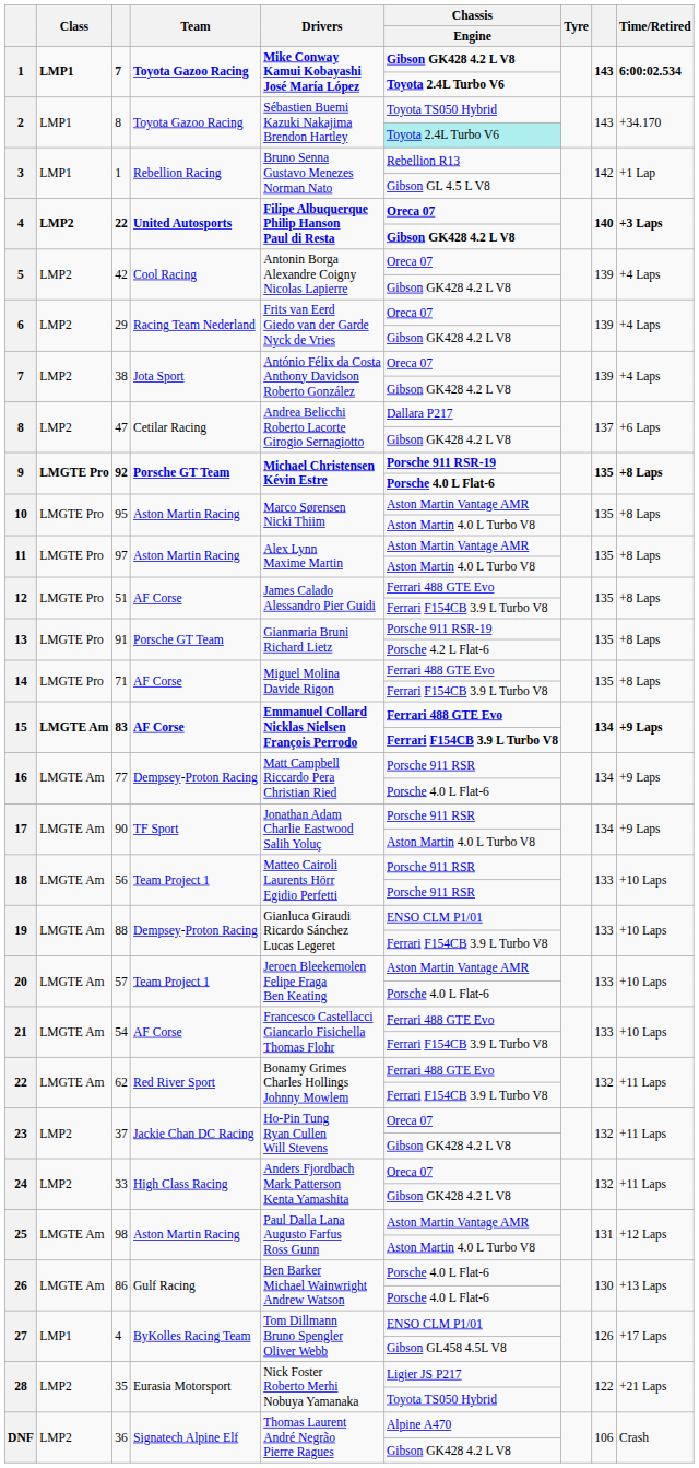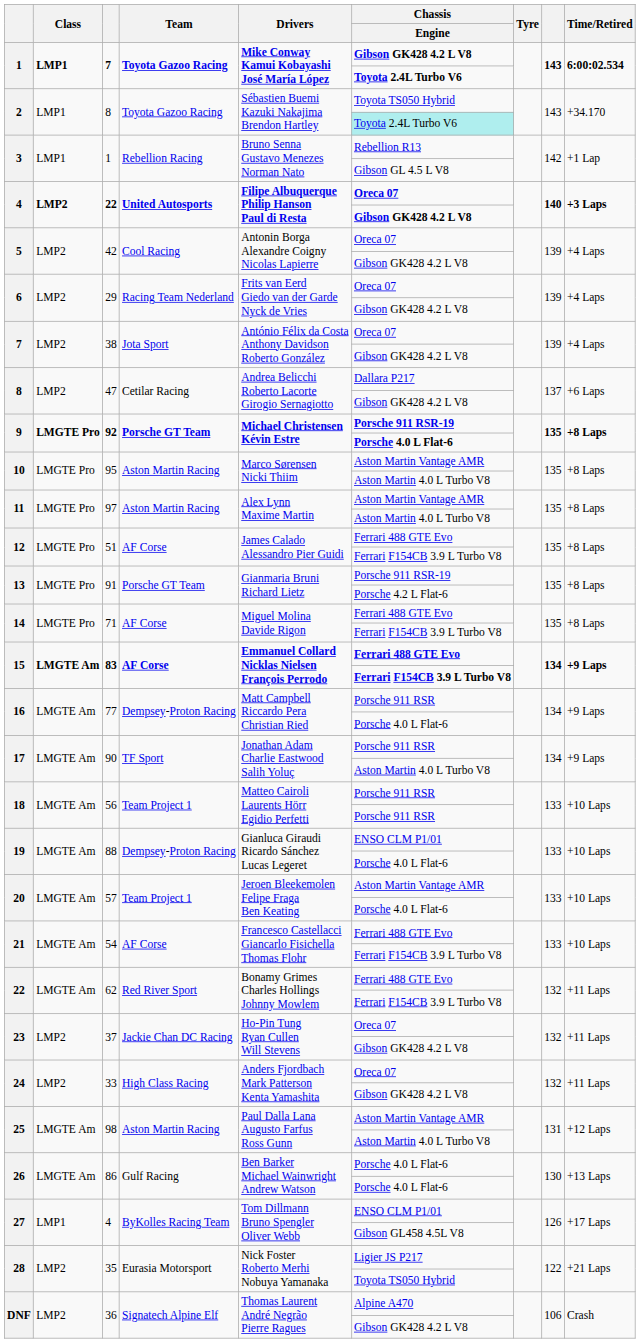 <table class="wikitable" style="font-size:95%;">
 <tr>
 <th rowspan=2></th>
 <th rowspan=2>Class</th>
 <th rowspan=2></th>
 <th rowspan=2>Team</th>
 <th rowspan=2>Drivers</th>
 <th>Chassis</th>
 <th rowspan=2>Tyre</th>
 <th rowspan=2></th>
 <th rowspan=2>Time/Retired</th>
 </tr>
 <tr>
 <th>Engine</th>
 </tr>
 <tr style="font-weight:bold;">
 <th rowspan=2>1</th>
 <td rowspan=2>LMP1</td>
 <td rowspan=2>7</td>
 <td rowspan=2> <a href='#'>Toyota Gazoo Racing</a></td>
 <td rowspan=2> <a href='#'>Mike Conway</a><br> <a href='#'>Kamui Kobayashi</a><br> <a href='#'>José María López</a></td>
 <td><a href='#'>Gibson</a> GK428 4.2 L V8</td>
 <td rowspan=2></td>
 <td rowspan=2>143</td>
 <td rowspan=2>6:00:02.534 </td>
 </tr>
 <tr style="font-weight:bold;">
 <td><a href='#'>Toyota</a> 2.4L Turbo V6</td>
 </tr>
 <tr>
 <th rowspan=2>2</th>
 <td rowspan=2>LMP1</td>
 <td rowspan=2>8</td>
 <td rowspan=2> <a href='#'>Toyota Gazoo Racing</a></td>
 <td rowspan=2> <a href='#'>Sébastien Buemi</a><br> <a href='#'>Kazuki Nakajima</a><br> <a href='#'>Brendon Hartley</a></td>
 <td><a href='#'>Toyota TS050 Hybrid</a></td>
 <td rowspan=2></td>
 <td rowspan=2>143</td>
 <td rowspan=2>+34.170</td>
 </tr>
 <tr>
 <td style="background: paleturquoise;"><a href='#'>Toyota</a> 2.4L Turbo V6</td>
 </tr>
 <tr>
 <th rowspan=2>3</th>
 <td rowspan=2>LMP1</td>
 <td rowspan=2>1</td>
 <td rowspan=2> <a href='#'>Rebellion Racing</a></td>
 <td rowspan=2> <a href='#'>Bruno Senna</a><br> <a href='#'>Gustavo Menezes</a><br> <a href='#'>Norman Nato</a></td>
 <td><a href='#'>Rebellion R13</a></td>
 <td rowspan=2></td>
 <td rowspan=2>142</td>
 <td rowspan=2>+1 Lap</td>
 </tr>
 <tr>
 <td><a href='#'>Gibson</a> GL 4.5 L V8</td>
 </tr>
 <tr style="font-weight:bold">
 <th rowspan=2>4</th>
 <td rowspan=2>LMP2</td>
 <td rowspan=2>22</td>
 <td rowspan=2> <a href='#'>United Autosports</a></td>
 <td rowspan=2> <a href='#'>Filipe Albuquerque</a><br> <a href='#'>Philip Hanson</a><br> <a href='#'>Paul di Resta</a></td>
 <td><a href='#'>Oreca 07</a></td>
 <td rowspan=2></td>
 <td rowspan=2>140</td>
 <td rowspan=2>+3 Laps</td>
 </tr>
 <tr style="font-weight:bold">
 <td><a href='#'>Gibson</a> GK428 4.2 L V8</td>
 </tr>
 <tr>
 <th rowspan=2>5</th>
 <td rowspan=2>LMP2</td>
 <td rowspan=2>42</td>
 <td rowspan=2> <a href='#'>Cool Racing</a></td>
 <td rowspan=2> Antonin Borga<br> Alexandre Coigny<br> <a href='#'>Nicolas Lapierre</a></td>
 <td><a href='#'>Oreca 07</a></td>
 <td rowspan=2></td>
 <td rowspan=2>139</td>
 <td rowspan=2>+4 Laps</td>
 </tr>
 <tr>
 <td><a href='#'>Gibson</a> GK428 4.2 L V8</td>
 </tr>
 <tr>
 <th rowspan=2>6</th>
 <td rowspan=2>LMP2</td>
 <td rowspan=2>29</td>
 <td rowspan=2> <a href='#'>Racing Team Nederland</a></td>
 <td rowspan=2> <a href='#'>Frits van Eerd</a> <br> <a href='#'>Giedo van der Garde</a><br> <a href='#'>Nyck de Vries</a></td>
 <td><a href='#'>Oreca 07</a></td>
 <td rowspan=2></td>
 <td rowspan=2>139</td>
 <td rowspan=2>+4 Laps</td>
 </tr>
 <tr>
 <td><a href='#'>Gibson</a> GK428 4.2 L V8</td>
 </tr>
 <tr>
 <th rowspan=2>7</th>
 <td rowspan=2>LMP2</td>
 <td rowspan=2>38</td>
 <td rowspan=2> <a href='#'>Jota Sport</a></td>
 <td rowspan=2> <a href='#'>António Félix da Costa</a><br> <a href='#'>Anthony Davidson</a><br> <a href='#'>Roberto González</a></td>
 <td><a href='#'>Oreca 07</a></td>
 <td rowspan=2></td>
 <td rowspan=2>139</td>
 <td rowspan=2>+4 Laps</td>
 </tr>
 <tr>
 <td><a href='#'>Gibson</a> GK428 4.2 L V8</td>
 </tr>
 <tr>
 <th rowspan=2>8</th>
 <td rowspan=2>LMP2</td>
 <td rowspan=2>47</td>
 <td rowspan=2> Cetilar Racing</td>
 <td rowspan=2> <a href='#'>Andrea Belicchi</a><br> <a href='#'>Roberto Lacorte</a><br> <a href='#'>Girogio Sernagiotto</a></td>
 <td><a href='#'>Dallara P217</a></td>
 <td rowspan=2></td>
 <td rowspan=2>137</td>
 <td rowspan=2>+6 Laps</td>
 </tr>
 <tr>
 <td><a href='#'>Gibson</a> GK428 4.2 L V8</td>
 </tr>
 <tr style="font-weight:bold">
 <th rowspan="2">9</th>
 <td rowspan="2">LMGTE Pro</td>
 <td rowspan="2">92</td>
 <td rowspan="2"> <a href='#'>Porsche GT Team</a></td>
 <td rowspan="2"> <a href='#'>Michael Christensen</a><br> <a href='#'>Kévin Estre</a></td>
 <td><a href='#'>Porsche 911 RSR-19</a></td>
 <td rowspan="2"></td>
 <td rowspan="2">135</td>
 <td rowspan="2">+8 Laps </td>
 </tr>
 <tr style="font-weight:bold">
 <td><a href='#'>Porsche</a> 4.0 L Flat-6</td>
 </tr>
 <tr>
 <th rowspan=2>10</th>
 <td rowspan=2>LMGTE Pro</td>
 <td rowspan=2>95</td>
 <td rowspan=2> <a href='#'>Aston Martin Racing</a></td>
 <td rowspan=2> <a href='#'>Marco Sørensen</a><br> <a href='#'>Nicki Thiim</a></td>
 <td><a href='#'>Aston Martin Vantage AMR</a></td>
 <td rowspan=2></td>
 <td rowspan=2>135</td>
 <td rowspan=2>+8 Laps</td>
 </tr>
 <tr>
 <td><a href='#'>Aston Martin</a> 4.0 L Turbo V8</td>
 </tr>
 <tr>
 <th rowspan=2>11</th>
 <td rowspan=2>LMGTE Pro</td>
 <td rowspan=2>97</td>
 <td rowspan=2> <a href='#'>Aston Martin Racing</a></td>
 <td rowspan=2> <a href='#'>Alex Lynn</a><br> <a href='#'>Maxime Martin</a></td>
 <td><a href='#'>Aston Martin Vantage AMR</a></td>
 <td rowspan=2></td>
 <td rowspan=2>135</td>
 <td rowspan=2>+8 Laps</td>
 </tr>
 <tr>
 <td><a href='#'>Aston Martin</a> 4.0 L Turbo V8</td>
 </tr>
 <tr>
 <th rowspan=2>12</th>
 <td rowspan=2>LMGTE Pro</td>
 <td rowspan=2>51</td>
 <td rowspan=2> <a href='#'>AF Corse</a></td>
 <td rowspan=2> <a href='#'>James Calado</a><br> <a href='#'>Alessandro Pier Guidi</a></td>
 <td><a href='#'>Ferrari 488 GTE Evo</a></td>
 <td rowspan=2></td>
 <td rowspan=2>135</td>
 <td rowspan=2>+8 Laps</td>
 </tr>
 <tr>
 <td><a href='#'>Ferrari</a> <a href='#'>F154CB</a> 3.9 L Turbo V8</td>
 </tr>
 <tr>
 <th rowspan=2>13</th>
 <td rowspan=2>LMGTE Pro</td>
 <td rowspan=2>91</td>
 <td rowspan=2> <a href='#'>Porsche GT Team</a></td>
 <td rowspan=2> <a href='#'>Gianmaria Bruni</a><br> <a href='#'>Richard Lietz</a></td>
 <td><a href='#'>Porsche 911 RSR-19</a></td>
 <td rowspan=2></td>
 <td rowspan=2>135</td>
 <td rowspan=2>+8 Laps</td>
 </tr>
 <tr>
 <td><a href='#'>Porsche</a> 4.2 L Flat-6</td>
 </tr>
 <tr>
 <th rowspan=2>14</th>
 <td rowspan=2>LMGTE Pro</td>
 <td rowspan=2>71</td>
 <td rowspan=2> <a href='#'>AF Corse</a></td>
 <td rowspan=2> <a href='#'>Miguel Molina</a><br> <a href='#'>Davide Rigon</a></td>
 <td><a href='#'>Ferrari 488 GTE Evo</a></td>
 <td rowspan=2></td>
 <td rowspan=2>135</td>
 <td rowspan=2>+8 Laps</td>
 </tr>
 <tr>
 <td><a href='#'>Ferrari</a> <a href='#'>F154CB</a> 3.9 L Turbo V8</td>
 </tr>
 <tr style="font-weight:bold">
 <th rowspan=2>15</th>
 <td rowspan=2>LMGTE Am</td>
 <td rowspan=2>83</td>
 <td rowspan=2> <a href='#'>AF Corse</a></td>
 <td rowspan=2> <a href='#'>Emmanuel Collard</a><br> <a href='#'>Nicklas Nielsen</a><br> <a href='#'>François Perrodo</a></td>
 <td><a href='#'>Ferrari 488 GTE Evo</a></td>
 <td rowspan=2></td>
 <td rowspan=2>134</td>
 <td rowspan=2>+9 Laps </td>
 </tr>
 <tr style="font-weight:bold">
 <td><a href='#'>Ferrari</a> <a href='#'>F154CB</a> 3.9 L Turbo V8</td>
 </tr>
 <tr>
 <th rowspan=2>16</th>
 <td rowspan=2>LMGTE Am</td>
 <td rowspan=2>77</td>
 <td rowspan=2> <a href='#'>Dempsey</a>-<a href='#'>Proton Racing</a></td>
 <td rowspan=2> <a href='#'>Matt Campbell</a><br> <a href='#'>Riccardo Pera</a><br> <a href='#'>Christian Ried</a></td>
 <td><a href='#'>Porsche 911 RSR</a></td>
 <td rowspan=2></td>
 <td rowspan=2>134</td>
 <td rowspan=2>+9 Laps</td>
 </tr>
 <tr>
 <td><a href='#'>Porsche</a> 4.0 L Flat-6</td>
 </tr>
 <tr>
 <th rowspan=2>17</th>
 <td rowspan=2>LMGTE Am</td>
 <td rowspan=2>90</td>
 <td rowspan=2> <a href='#'>TF Sport</a></td>
 <td rowspan=2> <a href='#'>Jonathan Adam</a><br> <a href='#'>Charlie Eastwood</a><br> <a href='#'>Salih Yoluç</a></td>
 <td><a href='#'>Porsche 911 RSR</a></td>
 <td rowspan=2></td>
 <td rowspan=2>134</td>
 <td rowspan=2>+9 Laps</td>
 </tr>
 <tr>
 <td><a href='#'>Aston Martin</a> 4.0 L Turbo V8</td>
 </tr>
 <tr>
 <th rowspan=2>18</th>
 <td rowspan=2>LMGTE Am</td>
 <td rowspan=2>56</td>
 <td rowspan=2> <a href='#'>Team Project 1</a></td>
 <td rowspan=2> <a href='#'>Matteo Cairoli</a><br> <a href='#'>Laurents Hörr</a><br> <a href='#'>Egidio Perfetti</a></td>
 <td><a href='#'>Porsche 911 RSR</a></td>
 <td rowspan=2></td>
 <td rowspan=2>133</td>
 <td rowspan=2>+10 Laps</td>
 </tr>
 <tr>
 <td><a href='#'>Porsche 911 RSR</a></td>
 </tr>
 <tr>
 <th rowspan=2>19</th>
 <td rowspan=2>LMGTE Am</td>
 <td rowspan=2>88</td>
 <td rowspan=2> <a href='#'>Dempsey</a>-<a href='#'>Proton Racing</a></td>
 <td rowspan=2> Gianluca Giraudi<br> Ricardo Sánchez<br> Lucas Legeret</td>
 <td><a href='#'>ENSO CLM P1/01</a></td>
 <td rowspan=2></td>
 <td rowspan=2>133</td>
 <td rowspan=2>+10 Laps</td>
 </tr>
 <tr>
-<td><a href='#'>Ferrari</a> <a href='#'>F154CB</a> 3.9 L Turbo V8</td>
+<td><a href='#'>Porsche</a> 4.0 L Flat-6</td>
 </tr>
 <tr>
 <th rowspan=2>20</th>
 <td rowspan=2>LMGTE Am</td>
 <td rowspan=2>57</td>
 <td rowspan=2> <a href='#'>Team Project 1</a></td>
 <td rowspan=2> <a href='#'>Jeroen Bleekemolen</a><br> <a href='#'>Felipe Fraga</a><br> <a href='#'>Ben Keating</a></td>
 <td><a href='#'>Aston Martin Vantage AMR</a></td>
 <td rowspan=2></td>
 <td rowspan=2>133</td>
 <td rowspan=2>+10 Laps</td>
 </tr>
 <tr>
 <td><a href='#'>Porsche</a> 4.0 L Flat-6</td>
 </tr>
 <tr>
 <th rowspan=2>21</th>
 <td rowspan=2>LMGTE Am</td>
 <td rowspan=2>54</td>
 <td rowspan=2> <a href='#'>AF Corse</a></td>
 <td rowspan=2> <a href='#'>Francesco Castellacci</a><br> <a href='#'>Giancarlo Fisichella</a><br> <a href='#'>Thomas Flohr</a></td>
 <td><a href='#'>Ferrari 488 GTE Evo</a></td>
 <td rowspan=2></td>
 <td rowspan=2>133</td>
 <td rowspan=2>+10 Laps</td>
 </tr>
 <tr>
 <td><a href='#'>Ferrari</a> <a href='#'>F154CB</a> 3.9 L Turbo V8</td>
 </tr>
 <tr>
 <th rowspan=2>22</th>
 <td rowspan=2>LMGTE Am</td>
 <td rowspan=2>62</td>
 <td rowspan=2> <a href='#'>Red River Sport</a></td>
 <td rowspan=2> Bonamy Grimes<br> Charles Hollings<br> <a href='#'>Johnny Mowlem</a></td>
 <td><a href='#'>Ferrari 488 GTE Evo</a></td>
 <td rowspan=2></td>
 <td rowspan=2>132</td>
 <td rowspan=2>+11 Laps</td>
 </tr>
 <tr>
 <td><a href='#'>Ferrari</a> <a href='#'>F154CB</a> 3.9 L Turbo V8</td>
 </tr>
 <tr>
 <th rowspan=2>23</th>
 <td rowspan=2>LMP2</td>
 <td rowspan=2>37</td>
 <td rowspan=2> <a href='#'>Jackie Chan DC Racing</a></td>
 <td rowspan=2> <a href='#'>Ho-Pin Tung</a><br> <a href='#'>Ryan Cullen</a><br> <a href='#'>Will Stevens</a></td>
 <td><a href='#'>Oreca 07</a></td>
 <td rowspan=2></td>
 <td rowspan=2>132</td>
 <td rowspan=2>+11 Laps</td>
 </tr>
 <tr>
 <td><a href='#'>Gibson</a> GK428 4.2 L V8</td>
 </tr>
 <tr>
 <th rowspan=2>24</th>
 <td rowspan=2>LMP2</td>
 <td rowspan=2>33</td>
 <td rowspan=2> <a href='#'>High Class Racing</a></td>
 <td rowspan=2> <a href='#'>Anders Fjordbach</a><br> <a href='#'>Mark Patterson</a><br> <a href='#'>Kenta Yamashita</a></td>
 <td><a href='#'>Oreca 07</a></td>
 <td rowspan=2></td>
 <td rowspan=2>132</td>
 <td rowspan=2>+11 Laps</td>
 </tr>
 <tr>
 <td><a href='#'>Gibson</a> GK428 4.2 L V8</td>
 </tr>
 <tr>
 <th rowspan=2>25</th>
 <td rowspan=2>LMGTE Am</td>
 <td rowspan=2>98</td>
 <td rowspan=2> <a href='#'>Aston Martin Racing</a></td>
 <td rowspan=2> <a href='#'>Paul Dalla Lana</a><br> <a href='#'>Augusto Farfus</a><br> <a href='#'>Ross Gunn</a></td>
 <td><a href='#'>Aston Martin Vantage AMR</a></td>
 <td rowspan=2></td>
 <td rowspan=2>131</td>
 <td rowspan=2>+12 Laps</td>
 </tr>
 <tr>
 <td><a href='#'>Aston Martin</a> 4.0 L Turbo V8</td>
 </tr>
 <tr>
 <th rowspan=2>26</th>
 <td rowspan=2>LMGTE Am</td>
 <td rowspan=2>86</td>
 <td rowspan=2> Gulf Racing</td>
 <td rowspan=2> <a href='#'>Ben Barker</a><br> <a href='#'>Michael Wainwright</a><br> <a href='#'>Andrew Watson</a></td>
 <td><a href='#'>Porsche</a> 4.0 L Flat-6</td>
 <td rowspan=2></td>
 <td rowspan=2>130</td>
 <td rowspan=2>+13 Laps</td>
 </tr>
 <tr>
 <td><a href='#'>Porsche</a> 4.0 L Flat-6</td>
 </tr>
 <tr>
 <th rowspan=2>27</th>
 <td rowspan=2>LMP1</td>
 <td rowspan=2>4</td>
 <td rowspan=2> <a href='#'>ByKolles Racing Team</a></td>
 <td rowspan=2> <a href='#'>Tom Dillmann</a><br> <a href='#'>Bruno Spengler</a><br> <a href='#'>Oliver Webb</a></td>
 <td><a href='#'>ENSO CLM P1/01</a></td>
 <td rowspan=2></td>
 <td rowspan=2>126</td>
 <td rowspan=2>+17 Laps</td>
 </tr>
 <tr>
 <td><a href='#'>Gibson</a> GL458 4.5L V8</td>
 </tr>
 <tr>
 <th rowspan=2>28</th>
 <td rowspan=2>LMP2</td>
 <td rowspan=2>35</td>
 <td rowspan=2> Eurasia Motorsport</td>
 <td rowspan=2> Nick Foster <br> <a href='#'>Roberto Merhi</a><br> Nobuya Yamanaka</td>
 <td><a href='#'>Ligier JS P217</a></td>
 <td rowspan=2></td>
 <td rowspan=2>122</td>
 <td rowspan=2>+21 Laps</td>
 </tr>
 <tr>
 <td><a href='#'>Toyota TS050 Hybrid</a></td>
 </tr>
 <tr>
 <th rowspan=2>DNF</th>
 <td rowspan=2>LMP2</td>
 <td rowspan=2>36</td>
 <td rowspan=2> <a href='#'>Signatech Alpine Elf</a></td>
 <td rowspan=2> <a href='#'>Thomas Laurent</a><br> <a href='#'>André Negrão</a><br> <a href='#'>Pierre Ragues</a></td>
 <td><a href='#'>Alpine A470</a></td>
 <td rowspan=2></td>
 <td rowspan=2>106</td>
 <td rowspan=2>Crash</td>
 </tr>
 <tr>
 <td><a href='#'>Gibson</a> GK428 4.2 L V8</td>
 </tr>
 </table>
